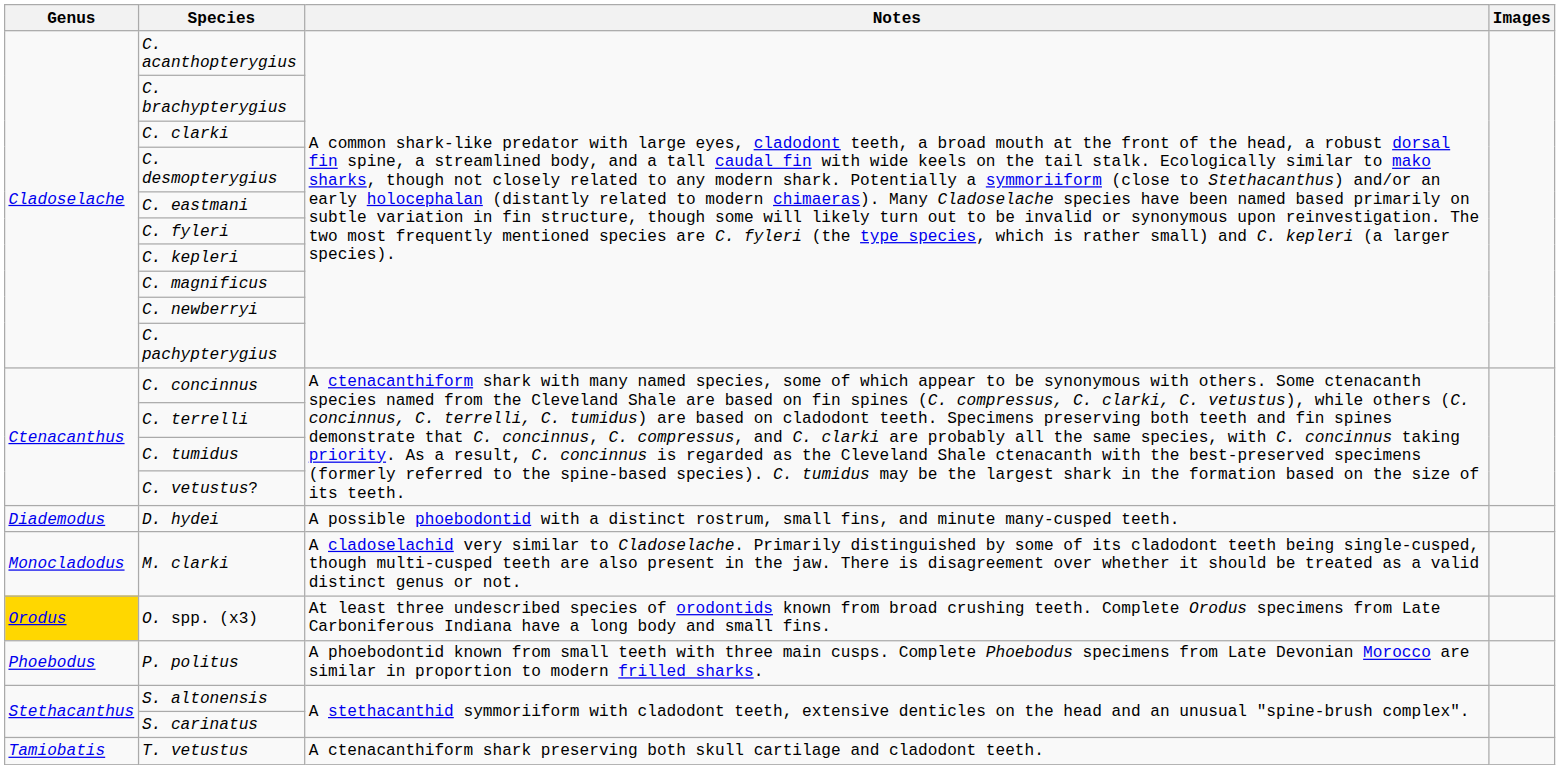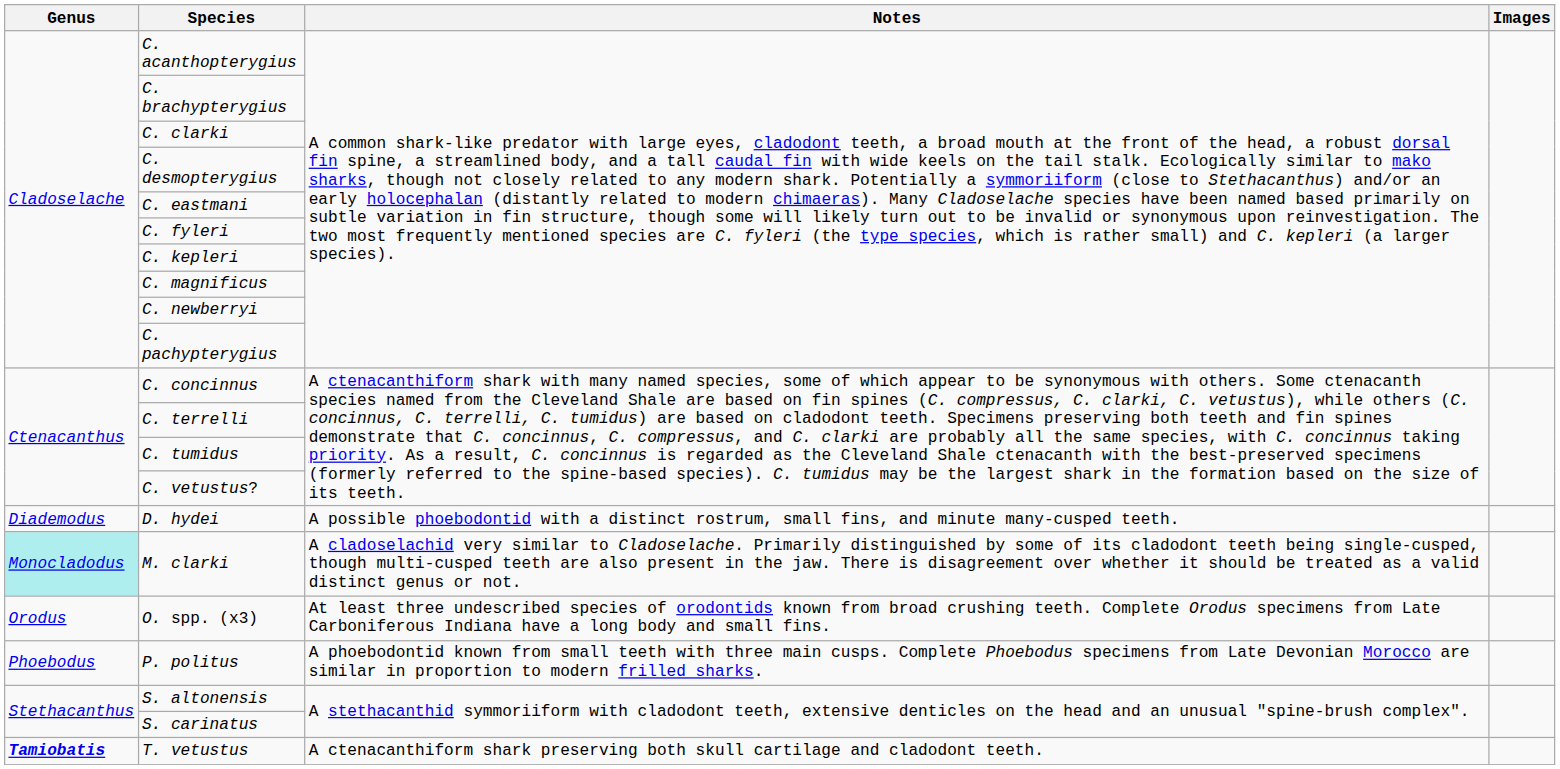 <table class="wikitable sortable">
 <tr>
 <th>Genus</th>
 <th>Species</th>
 <th>Notes</th>
 <th>Images</th>
 </tr>
 <tr>
 <td rowspan="10"><em><a href='#'>Cladoselache</a></em></td>
 <td><em>C. acanthopterygius</em></td>
 <td rowspan="10">A common shark-like predator with large eyes, <a href='#'>cladodont</a> teeth, a broad mouth at the front of the head, a robust <a href='#'>dorsal fin</a> spine, a streamlined body, and a tall <a href='#'>caudal fin</a> with wide keels on the tail stalk. Ecologically similar to <a href='#'>mako sharks</a>, though not closely related to any modern shark. Potentially a <a href='#'>symmoriiform</a> (close to <em>Stethacanthus</em>) and/or an early <a href='#'>holocephalan</a> (distantly related to modern <a href='#'>chimaeras</a>). Many <em>Cladoselache</em> species have been named based primarily on subtle variation in fin structure, though some will likely turn out to be invalid or synonymous upon reinvestigation. The two most frequently mentioned species are <em>C. fyleri</em> (the <a href='#'>type species</a>, which is rather small) and <em>C. kepleri</em> (a larger species).</td>
 <td rowspan="10"></td>
 </tr>
 <tr>
 <td><em>C. brachypterygius</em></td>
 </tr>
 <tr>
 <td><em>C. clarki</em></td>
 </tr>
 <tr>
 <td><em>C. desmopterygius</em></td>
 </tr>
 <tr>
 <td><em>C. eastmani</em></td>
 </tr>
 <tr>
 <td><em>C. fyleri</em></td>
 </tr>
 <tr>
 <td><em>C. kepleri</em></td>
 </tr>
 <tr>
 <td><em>C. magnificus</em></td>
 </tr>
 <tr>
 <td><em>C. newberryi</em></td>
 </tr>
 <tr>
 <td><em>C. pachypterygius</em></td>
 </tr>
 <tr>
 <td rowspan="4"><em><a href='#'>Ctenacanthus</a></em></td>
 <td><em>C. concinnus</em></td>
 <td rowspan="4">A <a href='#'>ctenacanthiform</a> shark with many named species, some of which appear to be synonymous with others. Some ctenacanth species named from the Cleveland Shale are based on fin spines (<em>C. compressus, C. clarki, C. vetustus</em>), while others (<em>C. concinnus, C. terrelli, C. tumidus</em>) are based on cladodont teeth. Specimens preserving both teeth and fin spines demonstrate that <em>C. concinnus</em>, <em>C. compressus</em>, and <em>C. clarki</em> are probably all the same species, with <em>C. concinnus</em> taking <a href='#'>priority</a>. As a result, <em>C. concinnus</em> is regarded as the Cleveland Shale ctenacanth with the best-preserved specimens (formerly referred to the spine-based species). <em>C. tumidus</em> may be the largest shark in the formation based on the size of its teeth.</td>
 <td rowspan="4"></td>
 </tr>
 <tr>
 <td><em>C. terrelli</em></td>
 </tr>
 <tr>
 <td><em>C. tumidus</em></td>
 </tr>
 <tr>
 <td><em>C. vetustus</em>?</td>
 </tr>
 <tr>
 <td><em><a href='#'>Diademodus</a></em></td>
 <td><em>D. hydei</em></td>
 <td>A possible <a href='#'>phoebodontid</a> with a distinct rostrum, small fins, and minute many-cusped teeth.</td>
 <td rowspan="1"></td>
 </tr>
 <tr>
-<td><em><a href='#'>Monocladodus</a></em></td>
+<td style="background: paleturquoise;"><em><a href='#'>Monocladodus</a></em></td>
 <td><em>M. clarki</em></td>
 <td>A <a href='#'>cladoselachid</a> very similar to <em>Cladoselache</em>. Primarily distinguished by some of its cladodont teeth being single-cusped, though multi-cusped teeth are also present in the jaw. There is disagreement over whether it should be treated as a valid distinct genus or not.</td>
 <td></td>
 </tr>
 <tr>
-<td style="background: gold;"><em><a href='#'>Orodus</a></em></td>
+<td><em><a href='#'>Orodus</a></em></td>
 <td><em>O.</em> spp. (x3)</td>
 <td>At least three undescribed species of <a href='#'>orodontids</a> known from broad crushing teeth. Complete <em>Orodus</em> specimens from Late Carboniferous Indiana have a long body and small fins.</td>
 <td></td>
 </tr>
 <tr>
 <td><em><a href='#'>Phoebodus</a></em></td>
 <td><em>P. politus</em></td>
 <td>A phoebodontid known from small teeth with three main cusps.<em></em> Complete <em>Phoebodus</em> specimens from Late Devonian <a href='#'>Morocco</a> are similar in proportion to modern <a href='#'>frilled sharks</a>.</td>
 <td></td>
 </tr>
 <tr>
 <td rowspan="2"><em><a href='#'>Stethacanthus</a></em></td>
 <td><em>S. altonensis</em></td>
 <td rowspan="2">A <a href='#'>stethacanthid</a> symmoriiform with cladodont teeth, extensive denticles on the head and an unusual "spine-brush complex".</td>
 <td rowspan="2"></td>
 </tr>
 <tr>
 <td><em>S. carinatus</em></td>
 </tr>
 <tr>
-<td><em><a href='#'>Tamiobatis</a></em></td>
+<td><strong><em><a href='#'>Tamiobatis</a></em></strong></td>
 <td><em>T. vetustus</em></td>
 <td>A ctenacanthiform shark preserving both skull cartilage and cladodont teeth.</td>
 <td></td>
 </tr>
 </table>
